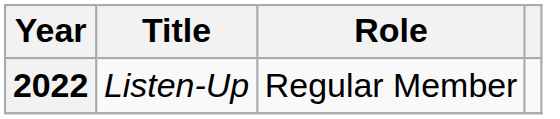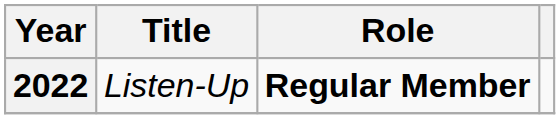 <table class="wikitable plainrowheaders">
 <tr>
 <th scope="col">Year</th>
 <th scope="col">Title</th>
 <th scope="col">Role</th>
 <th scope="col" class="unsortable"></th>
 </tr>
 <tr>
 <th scope="row">2022</th>
 <td><em>Listen-Up</em></td>
-<td>Regular Member</td>
+<td><strong>Regular Member</strong></td>
 <td></td>
 </tr>
 <tr>
 </tr>
 </table>
